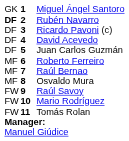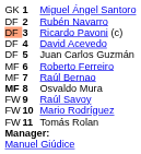 <table style="font-size:90%" cellspacing="0" cellpadding="0" align=center>
 <tr>
 <td colspan="4"></td>
 </tr>
 <tr>
 <th width=25></th>
 <th width=25></th>
 </tr>
 <tr>
 <td>GK</td>
 <td><strong>1</strong></td>
 <td> <a href='#'>Miguel Ángel Santoro</a></td>
 </tr>
 <tr>
-<td><strong>DF</strong></td>
+<td>DF</td>
 <td><strong>2</strong></td>
 <td> <a href='#'>Rubén Navarro</a></td>
 </tr>
 <tr>
-<td>DF</td>
+<td style="background: lightsalmon;">DF</td>
 <td><strong>3</strong></td>
 <td> <a href='#'>Ricardo Pavoni</a> (c)</td>
 </tr>
 <tr>
 <td>DF</td>
 <td><strong>4</strong></td>
 <td> <a href='#'>David Acevedo</a></td>
 </tr>
 <tr>
 <td>DF</td>
 <td><strong>5</strong></td>
 <td> Juan Carlos Guzmán</td>
 </tr>
 <tr>
 <td>MF</td>
 <td><strong>6</strong></td>
 <td> <a href='#'>Roberto Ferreiro</a></td>
 </tr>
 <tr>
 <td>MF</td>
 <td><strong>7</strong></td>
 <td> <a href='#'>Raúl Bernao</a></td>
 </tr>
 <tr>
-<td>MF</td>
+<td><strong>MF</strong></td>
 <td><strong>8</strong></td>
 <td> Osvaldo Mura</td>
 </tr>
 <tr>
 <td>FW</td>
 <td><strong>9</strong></td>
 <td> <a href='#'>Raúl Savoy</a></td>
 </tr>
 <tr>
 <td>FW</td>
 <td><strong>10</strong></td>
 <td> <a href='#'>Mario Rodríguez</a></td>
 </tr>
 <tr>
 <td>FW</td>
 <td><strong>11</strong></td>
 <td> Tomás Rolan</td>
 </tr>
 <tr>
 <td colspan=3><strong>Manager:</strong></td>
 </tr>
 <tr>
 <td colspan=4> <a href='#'>Manuel Giúdice</a></td>
 </tr>
 </table>
